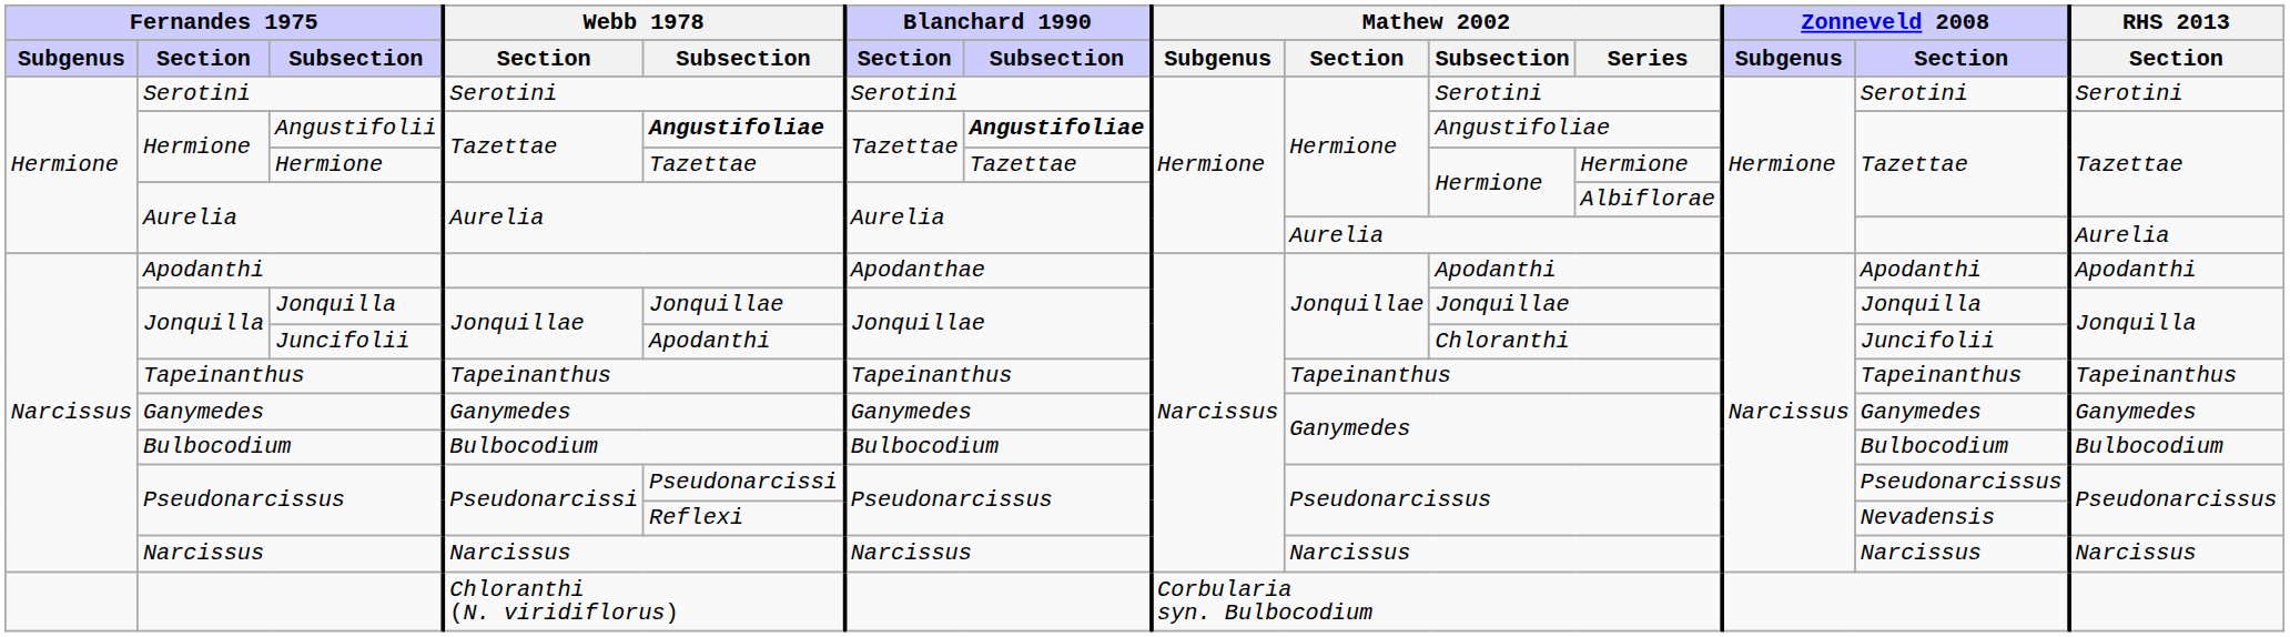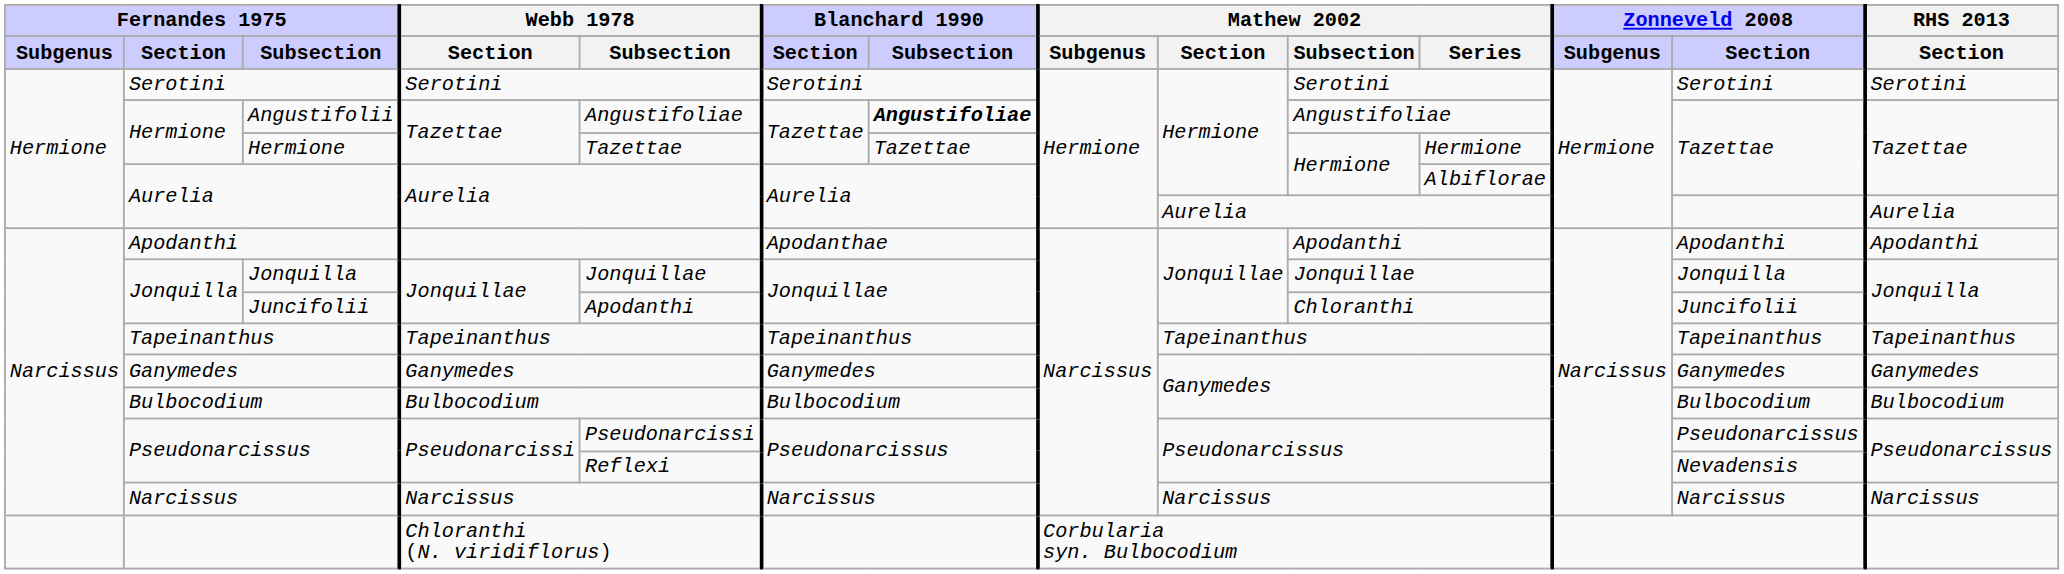 <table class="wikitable" style="font-size:85%;">
 <tr>
 <th colspan=3 style="border-right:solid black 2px; background: #ccf">Fernandes 1975</th>
 <th colspan=2 style="border-right:solid black 2px">Webb 1978</th>
 <th colspan=2 style="border-right:solid black 2px; background: #ccf">Blanchard 1990</th>
 <th colspan=4 style="border-right:solid black 2px;">Mathew 2002</th>
 <th colspan=2 style="border-right:solid black 2px; background: #ccf"><a href='#'>Zonneveld</a> 2008</th>
 <th>RHS 2013</th>
 </tr>
 <tr>
 <th style="background: #ccf;">Subgenus</th>
 <th style="background: #ccf;">Section</th>
 <th style="border-right:solid black 2px; background: #ccf">Subsection</th>
 <th>Section</th>
 <th style="border-right:solid black 2px">Subsection</th>
 <th style="background: #ccf;">Section</th>
 <th style="border-right:solid black 2px; background: #ccf;">Subsection</th>
 <th>Subgenus</th>
 <th>Section</th>
 <th>Subsection</th>
 <th style="border-right:solid black 2px">Series</th>
 <th style="background: #ccf;">Subgenus</th>
 <th style="background: #ccf;border-right:solid black 2px ">Section</th>
 <th>Section</th>
 </tr>
 <tr>
 <td rowspan=5><em>Hermione</em></td>
 <td colspan=2 style="border-right:solid black 2px"><em>Serotini</em></td>
 <td colspan=2 style="border-right:solid black 2px"><em>Serotini</em></td>
 <td colspan=2 style="border-right:solid black 2px"><em>Serotini</em></td>
 <td rowspan=5><em>Hermione</em></td>
 <td rowspan=4><em>Hermione</em></td>
 <td colspan=2 style="border-right:solid black 2px"><em>Serotini</em></td>
 <td rowspan=5><em>Hermione</em></td>
 <td style="border-right:solid black 2px"><em>Serotini</em></td>
 <td><em>Serotini</em></td>
 </tr>
 <tr>
 <td rowspan=2><em>Hermione</em></td>
 <td style="border-right:solid black 2px"><em>Angustifolii</em></td>
 <td rowspan=2><em>Tazettae</em></td>
-<td style="border-right:solid black 2px"><strong><em>Angustifoliae</em></strong></td>
+<td style="border-right:solid black 2px"><em>Angustifoliae</em></td>
 <td rowspan=2><em>Tazettae</em></td>
 <td style="border-right:solid black 2px"><strong><em>Angustifoliae</em></strong></td>
 <td colspan=2 style="border-right:solid black 2px"><em>Angustifoliae</em></td>
 <td rowspan=3 style="border-right:solid black 2px"><em>Tazettae</em></td>
 <td rowspan=3><em>Tazettae</em></td>
 </tr>
 <tr>
 <td style="border-right:solid black 2px"><em>Hermione</em></td>
 <td style="border-right:solid black 2px"><em>Tazettae</em></td>
 <td style="border-right:solid black 2px"><em>Tazettae</em></td>
 <td rowspan=2><em>Hermione</em></td>
 <td style="border-right:solid black 2px"><em>Hermione</em></td>
 </tr>
 <tr>
 <td rowspan=2 colspan=2 style="border-right:solid black 2px"><em>Aurelia</em></td>
 <td rowspan=2 colspan=2 style="border-right:solid black 2px"><em>Aurelia</em></td>
 <td rowspan=2 colspan=2 style="border-right:solid black 2px"><em>Aurelia</em></td>
 <td style="border-right:solid black 2px"><em>Albiflorae</em></td>
 </tr>
 <tr>
 <td colspan=3 style="border-right:solid black 2px"><em>Aurelia</em></td>
 <td style="border-right:solid black 2px"></td>
 <td><em>Aurelia</em></td>
 </tr>
 <tr>
 <td rowspan=9><em>Narcissus</em></td>
 <td colspan=2 style="border-right:solid black 2px"><em>Apodanthi</em></td>
 <td colspan=2 style="border-right:solid black 2px"></td>
 <td colspan=2 style="border-right:solid black 2px"><em>Apodanthae</em></td>
 <td rowspan=9><em>Narcissus</em></td>
 <td rowspan=3><em>Jonquillae</em></td>
 <td colspan=2 style="border-right:solid black 2px"><em>Apodanthi</em></td>
 <td rowspan=9><em>Narcissus</em></td>
 <td style="border-right:solid black 2px"><em>Apodanthi</em></td>
 <td><em>Apodanthi</em></td>
 </tr>
 <tr>
 <td rowspan=2><em>Jonquilla</em></td>
 <td style="border-right:solid black 2px"><em>Jonquilla</em></td>
 <td rowspan=2><em>Jonquillae</em></td>
 <td style="border-right:solid black 2px"><em>Jonquillae</em></td>
 <td rowspan=2 colspan=2 style="border-right:solid black 2px"><em>Jonquillae</em></td>
 <td colspan=2 style="border-right:solid black 2px"><em>Jonquillae</em></td>
 <td style="border-right:solid black 2px"><em>Jonquilla</em></td>
 <td rowspan=2><em>Jonquilla</em></td>
 </tr>
 <tr>
 <td style="border-right:solid black 2px"><em>Juncifolii</em></td>
 <td style="border-right:solid black 2px"><em>Apodanthi</em></td>
 <td colspan=2 style="border-right:solid black 2px"><em>Chloranthi</em></td>
 <td style="border-right:solid black 2px"><em>Juncifolii</em></td>
 </tr>
 <tr>
 <td colspan=2 style="border-right:solid black 2px"><em>Tapeinanthus</em></td>
 <td colspan=2 style="border-right:solid black 2px"><em>Tapeinanthus</em></td>
 <td colspan=2 style="border-right:solid black 2px"><em>Tapeinanthus</em></td>
 <td colspan=3 style="border-right:solid black 2px"><em>Tapeinanthus</em></td>
 <td style="border-right:solid black 2px"><em>Tapeinanthus</em></td>
 <td><em>Tapeinanthus</em></td>
 </tr>
 <tr>
 <td colspan=2 style="border-right:solid black 2px"><em>Ganymedes</em></td>
 <td colspan=2 style="border-right:solid black 2px"><em>Ganymedes</em></td>
 <td colspan=2 style="border-right:solid black 2px"><em>Ganymedes</em></td>
 <td colspan=3 rowspan=2 style="border-right:solid black 2px"><em>Ganymedes</em></td>
 <td style="border-right:solid black 2px"><em>Ganymedes</em></td>
 <td><em>Ganymedes</em></td>
 </tr>
 <tr>
 <td colspan=2 style="border-right:solid black 2px"><em>Bulbocodium</em></td>
 <td colspan=2 style="border-right:solid black 2px"><em>Bulbocodium</em></td>
 <td colspan=2 style="border-right:solid black 2px"><em>Bulbocodium</em></td>
 <td style="border-right:solid black 2px"><em>Bulbocodium</em></td>
 <td><em>Bulbocodium</em></td>
 </tr>
 <tr>
 <td colspan=2 rowspan=2 style="border-right:solid black 2px"><em>Pseudonarcissus</em></td>
 <td rowspan=2><em>Pseudonarcissi</em></td>
 <td style="border-right:solid black 2px"><em>Pseudonarcissi</em></td>
 <td rowspan=2 colspan=2 style="border-right:solid black 2px"><em>Pseudonarcissus</em></td>
 <td colspan=3 rowspan=2 style="border-right:solid black 2px"><em>Pseudonarcissus</em></td>
 <td style="border-right:solid black 2px"><em>Pseudonarcissus</em></td>
 <td rowspan=2><em>Pseudonarcissus</em></td>
 </tr>
 <tr>
 <td style="border-right:solid black 2px"><em>Reflexi</em></td>
 <td style="border-right:solid black 2px"><em>Nevadensis</em></td>
 </tr>
 <tr>
 <td colspan=2 style="border-right:solid black 2px"><em>Narcissus</em></td>
 <td colspan=2 style="border-right:solid black 2px"><em>Narcissus</em></td>
 <td colspan=2 style="border-right:solid black 2px"><em>Narcissus</em></td>
 <td colspan=3 style="border-right:solid black 2px"><em>Narcissus</em></td>
 <td style="border-right:solid black 2px"><em>Narcissus</em></td>
 <td><em>Narcissus</em></td>
 </tr>
 <tr>
 <td></td>
 <td colspan=2 style="border-right:solid black 2px"></td>
 <td colspan=2 style="border-right:solid black 2px"><em>Chloranthi</em><br>(<em>N. viridiflorus</em>)</td>
 <td colspan=2 style="border-right:solid black 2px"></td>
 <td colspan=4 style="border-right:solid black 2px"><em>Corbularia</em><br><em>syn. Bulbocodium</em></td>
 <td colspan=2 style="border-right:solid black 2px"></td>
 </tr>
 </table>
